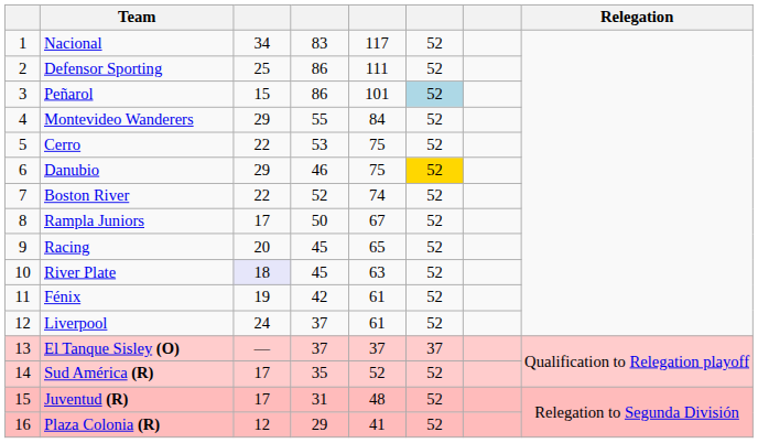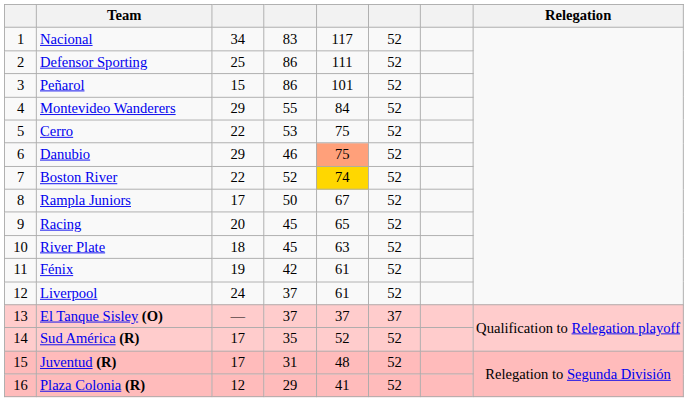 <table class="wikitable" style="text-align: center;">
 <tr>
 <th width=28><br></th>
 <th width=185>Team</th>
 <th width=50></th>
 <th width=50></th>
 <th width=50></th>
 <th width=50></th>
 <th width=50><br></th>
 <th>Relegation</th>
 </tr>
 <tr>
 <td>1</td>
 <td align="left"><a href='#'>Nacional</a></td>
 <td>34</td>
 <td>83</td>
 <td>117</td>
 <td>52</td>
 <td><strong></strong></td>
 </tr>
 <tr>
 <td>2</td>
 <td align="left"><a href='#'>Defensor Sporting</a></td>
 <td>25</td>
 <td>86</td>
 <td>111</td>
 <td>52</td>
 <td><strong></strong></td>
 </tr>
 <tr>
 <td>3</td>
 <td align="left"><a href='#'>Peñarol</a></td>
 <td>15</td>
 <td>86</td>
 <td>101</td>
-<td style="background: lightblue;">52</td>
+<td>52</td>
 <td><strong></strong></td>
 </tr>
 <tr>
 <td>4</td>
 <td align="left"><a href='#'>Montevideo Wanderers</a></td>
 <td>29</td>
 <td>55</td>
 <td>84</td>
 <td>52</td>
 <td><strong></strong></td>
 </tr>
 <tr>
 <td>5</td>
 <td align="left"><a href='#'>Cerro</a></td>
 <td>22</td>
 <td>53</td>
 <td>75</td>
 <td>52</td>
 <td><strong></strong></td>
 </tr>
 <tr>
 <td>6</td>
 <td align="left"><a href='#'>Danubio</a></td>
 <td>29</td>
 <td>46</td>
-<td>75</td>
-<td style="background: gold;">52</td>
+<td style="background: lightsalmon;">75</td>
+<td>52</td>
 <td><strong></strong></td>
 </tr>
 <tr>
 <td>7</td>
 <td align="left"><a href='#'>Boston River</a></td>
 <td>22</td>
 <td>52</td>
-<td>74</td>
+<td style="background: gold;">74</td>
 <td>52</td>
 <td><strong></strong></td>
 </tr>
 <tr>
 <td>8</td>
 <td align="left"><a href='#'>Rampla Juniors</a></td>
 <td>17</td>
 <td>50</td>
 <td>67</td>
 <td>52</td>
 <td><strong></strong></td>
 </tr>
 <tr>
 <td>9</td>
 <td align="left"><a href='#'>Racing</a></td>
 <td>20</td>
 <td>45</td>
 <td>65</td>
 <td>52</td>
 <td><strong></strong></td>
 </tr>
 <tr>
 <td>10</td>
 <td align="left"><a href='#'>River Plate</a></td>
-<td style="background: lavender;">18</td>
+<td>18</td>
 <td>45</td>
 <td>63</td>
 <td>52</td>
 <td><strong></strong></td>
 </tr>
 <tr>
 <td>11</td>
 <td align="left"><a href='#'>Fénix</a></td>
 <td>19</td>
 <td>42</td>
 <td>61</td>
 <td>52</td>
 <td><strong></strong></td>
 </tr>
 <tr>
 <td>12</td>
 <td align="left"><a href='#'>Liverpool</a></td>
 <td>24</td>
 <td>37</td>
 <td>61</td>
 <td>52</td>
 <td><strong></strong></td>
 </tr>
 <tr bgcolor=#FFCCCC>
 <td>13</td>
 <td align="left"><a href='#'>El Tanque Sisley</a> <strong>(O)</strong></td>
 <td>—</td>
 <td>37</td>
 <td>37</td>
 <td>37</td>
 <td><strong></strong></td>
 <td rowspan=2>Qualification to <a href='#'>Relegation playoff</a></td>
 </tr>
 <tr bgcolor=#FFCCCC>
 <td>14</td>
 <td align="left"><a href='#'>Sud América</a> <strong>(R)</strong></td>
 <td>17</td>
 <td>35</td>
 <td>52</td>
 <td>52</td>
 <td><strong></strong></td>
 </tr>
 <tr bgcolor=#FFBBBB>
 <td>15</td>
 <td align="left"><a href='#'>Juventud</a> <strong>(R)</strong></td>
 <td>17</td>
 <td>31</td>
 <td>48</td>
 <td>52</td>
 <td><strong></strong></td>
 <td rowspan=2>Relegation to <a href='#'>Segunda División</a></td>
 </tr>
 <tr bgcolor=#FFBBBB>
 <td>16</td>
 <td align="left"><a href='#'>Plaza Colonia</a> <strong>(R)</strong></td>
 <td>12</td>
 <td>29</td>
 <td>41</td>
 <td>52</td>
 <td><strong></strong></td>
 </tr>
 </table>
